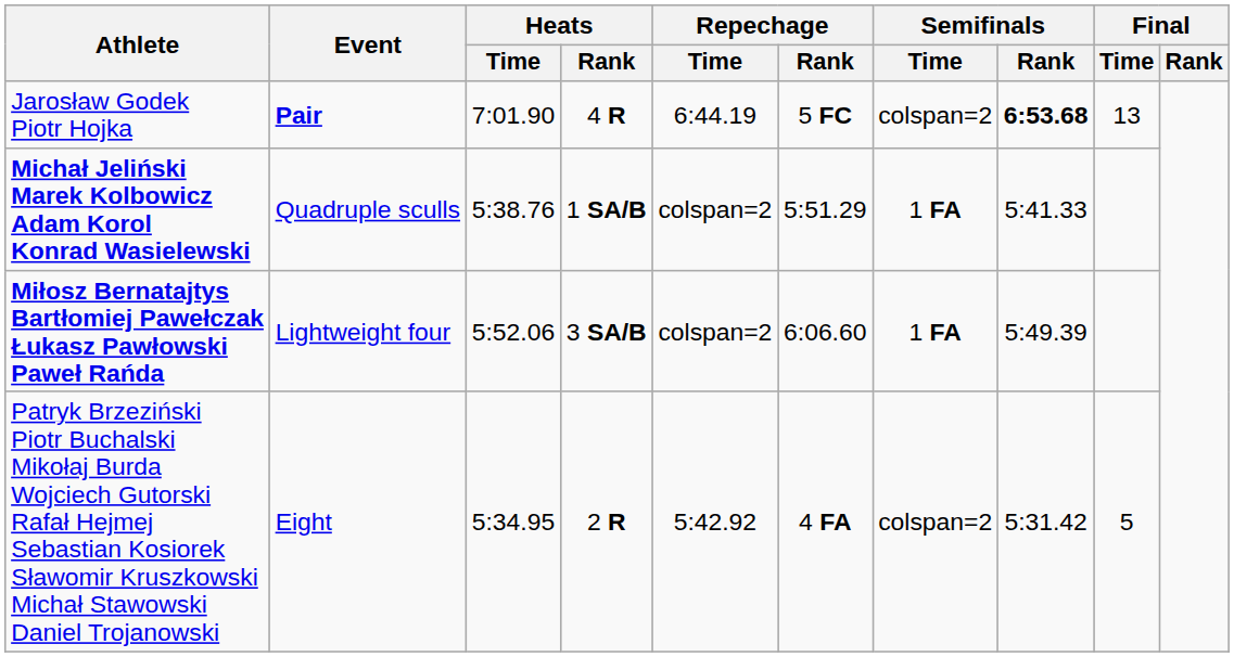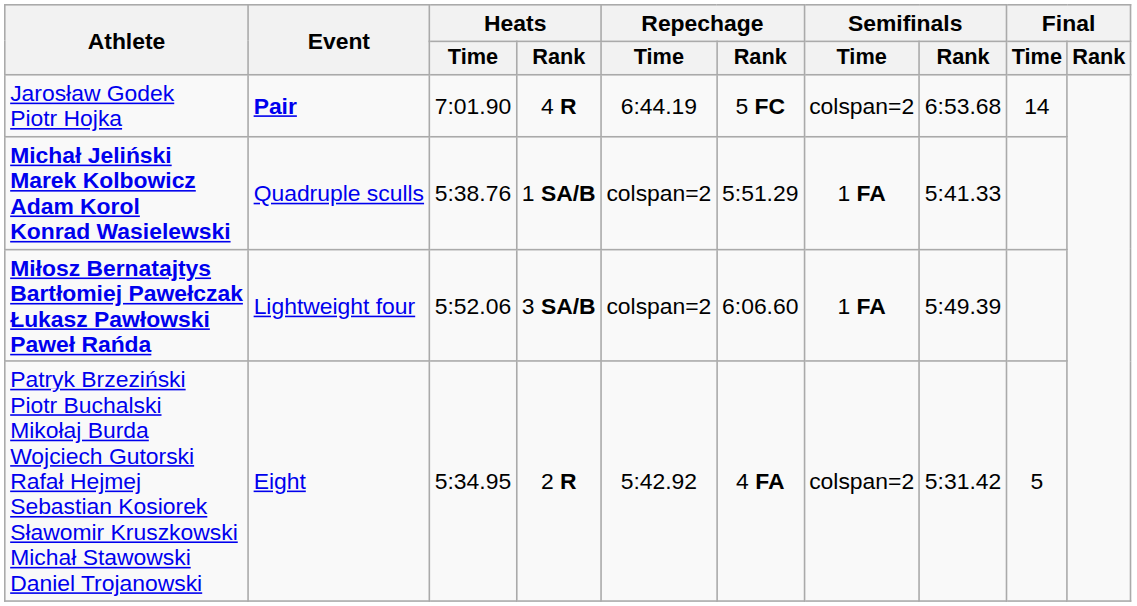 <table class="wikitable" style="font-size:90%">
 <tr>
 <th rowspan="2">Athlete</th>
 <th rowspan="2">Event</th>
 <th colspan="2">Heats</th>
 <th colspan="2">Repechage</th>
 <th colspan="2">Semifinals</th>
 <th colspan="2">Final</th>
 </tr>
 <tr style="font-size:95%">
 <th>Time</th>
 <th>Rank</th>
 <th>Time</th>
 <th>Rank</th>
 <th>Time</th>
 <th>Rank</th>
 <th>Time</th>
 <th>Rank</th>
 </tr>
 <tr align=center>
 <td align=left><a href='#'>Jarosław Godek</a><br><a href='#'>Piotr Hojka</a></td>
 <td align=left><strong><a href='#'>Pair</a></strong></td>
 <td>7:01.90</td>
 <td>4 <strong>R</strong></td>
 <td>6:44.19</td>
 <td>5 <strong>FC</strong></td>
 <td>colspan=2 </td>
-<td><strong>6:53.68</strong></td>
-<td>13</td>
+<td>6:53.68</td>
+<td>14</td>
 </tr>
 <tr align=center>
 <td align=left><strong><a href='#'>Michał Jeliński</a><br><a href='#'>Marek Kolbowicz</a><br><a href='#'>Adam Korol</a><br><a href='#'>Konrad Wasielewski</a></strong></td>
 <td align=left><a href='#'>Quadruple sculls</a></td>
 <td>5:38.76</td>
 <td>1 <strong>SA/B</strong></td>
 <td>colspan=2 </td>
 <td>5:51.29</td>
 <td>1 <strong>FA</strong></td>
 <td>5:41.33</td>
 <td></td>
 </tr>
 <tr align=center>
 <td align=left><strong><a href='#'>Miłosz Bernatajtys</a><br><a href='#'>Bartłomiej Pawełczak</a><br><a href='#'>Łukasz Pawłowski</a><br><a href='#'>Paweł Rańda</a></strong></td>
 <td align=left><a href='#'>Lightweight four</a></td>
 <td>5:52.06</td>
 <td>3 <strong>SA/B</strong></td>
 <td>colspan=2 </td>
 <td>6:06.60</td>
 <td>1 <strong>FA</strong></td>
 <td>5:49.39</td>
 <td></td>
 </tr>
 <tr align=center>
 <td align=left><a href='#'>Patryk Brzeziński</a><br><a href='#'>Piotr Buchalski</a><br><a href='#'>Mikołaj Burda</a><br><a href='#'>Wojciech Gutorski</a><br><a href='#'>Rafał Hejmej</a><br><a href='#'>Sebastian Kosiorek</a><br><a href='#'>Sławomir Kruszkowski</a><br><a href='#'>Michał Stawowski</a><br><a href='#'>Daniel Trojanowski</a></td>
 <td align=left><a href='#'>Eight</a></td>
 <td>5:34.95</td>
 <td>2 <strong>R</strong></td>
 <td>5:42.92</td>
 <td>4 <strong>FA</strong></td>
 <td>colspan=2 </td>
 <td>5:31.42</td>
 <td>5</td>
 </tr>
 </table>
